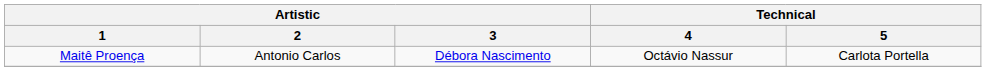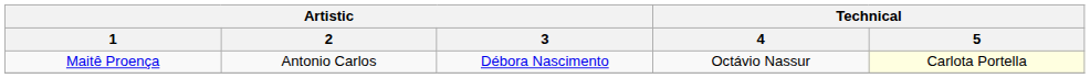 <table class="wikitable" style="font-size:90%; line-height:16px; text-align:center" width="85%">
 <tr>
 <th colspan=3>Artistic</th>
 <th colspan=2>Technical</th>
 </tr>
 <tr>
 <th>1</th>
 <th>2</th>
 <th>3</th>
 <th>4</th>
 <th>5</th>
 </tr>
 <tr>
 <td width=150><a href='#'>Maitê Proença</a></td>
 <td width=150>Antonio Carlos</td>
 <td width=150><a href='#'>Débora Nascimento</a></td>
 <td width=150>Octávio Nassur</td>
-<td width=150>Carlota Portella</td>
+<td width=150 style="background: lightyellow;">Carlota Portella</td>
 </tr>
 <tr>
 </tr>
 </table>
